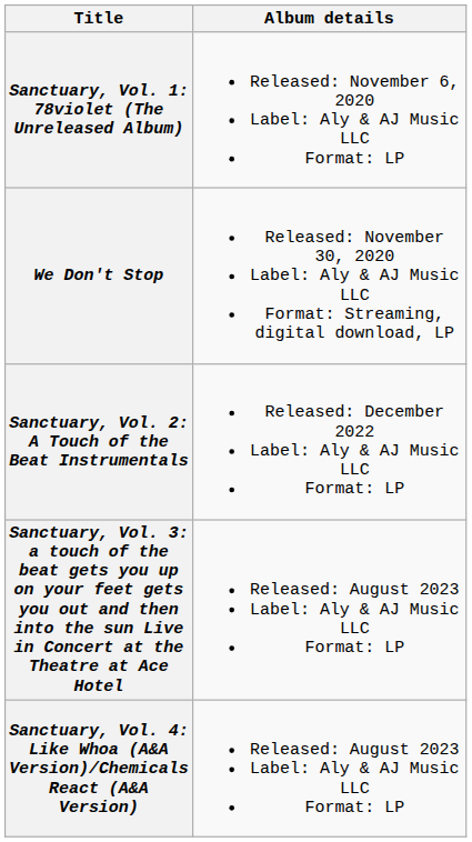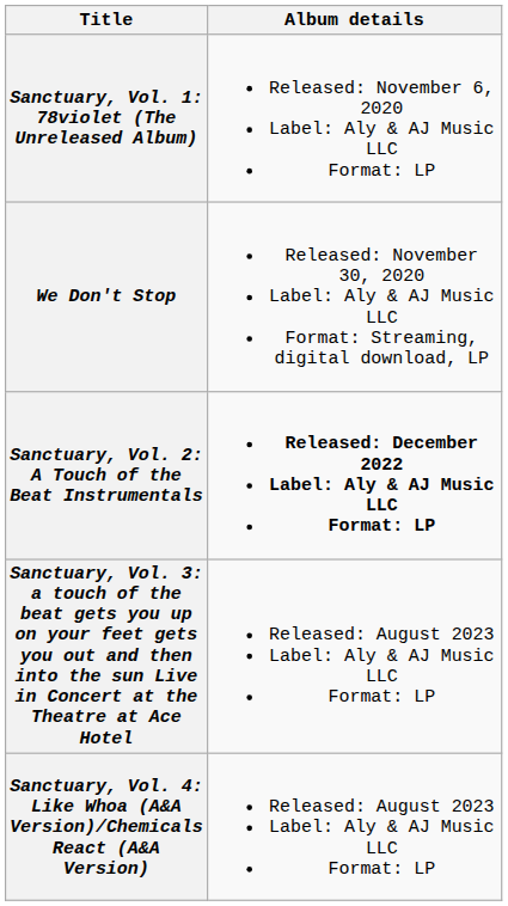 <table class="wikitable plainrowheaders" style="text-align:center;">
 <tr>
 <th scope="col" style="width:10em;">Title</th>
 <th scope="col" style="width:16em;">Album details</th>
 </tr>
 <tr>
 <th scope="row"><em>Sanctuary, Vol. 1: 78violet (The Unreleased Album)</em></th>
 <td><br><ul><li>Released: November 6, 2020</li><li>Label: Aly & AJ Music LLC</li><li>Format: LP</li></ul></td>
 </tr>
 <tr>
 <th scope="row"><em>We Don't Stop</em></th>
 <td><br><ul><li>Released: November 30, 2020</li><li>Label: Aly & AJ Music LLC</li><li>Format: Streaming, digital download, LP</li></ul></td>
 </tr>
 <tr>
 <th scope="row"><em>Sanctuary, Vol. 2: A Touch of the Beat Instrumentals</em></th>
-<td><br><ul><li>Released: December 2022</li><li>Label: Aly & AJ Music LLC</li><li>Format: LP</li></ul></td>
+<td><strong><br><ul><li>Released: December 2022</li><li>Label: Aly & AJ Music LLC</li><li>Format: LP</li></ul></strong></td>
 </tr>
 <tr>
 <th scope="row"><em>Sanctuary, Vol. 3: a touch of the beat gets you up on your feet gets you out and then into the sun Live in Concert at the Theatre at Ace Hotel</em></th>
 <td><br><ul><li>Released: August 2023</li><li>Label: Aly & AJ Music LLC</li><li>Format: LP</li></ul></td>
 </tr>
 <tr>
 <th scope="row"><em>Sanctuary, Vol. 4: Like Whoa (A&A Version)/Chemicals React (A&A Version)</em></th>
 <td><br><ul><li>Released: August 2023</li><li>Label: Aly & AJ Music LLC</li><li>Format: LP</li></ul></td>
 </tr>
 </table>
